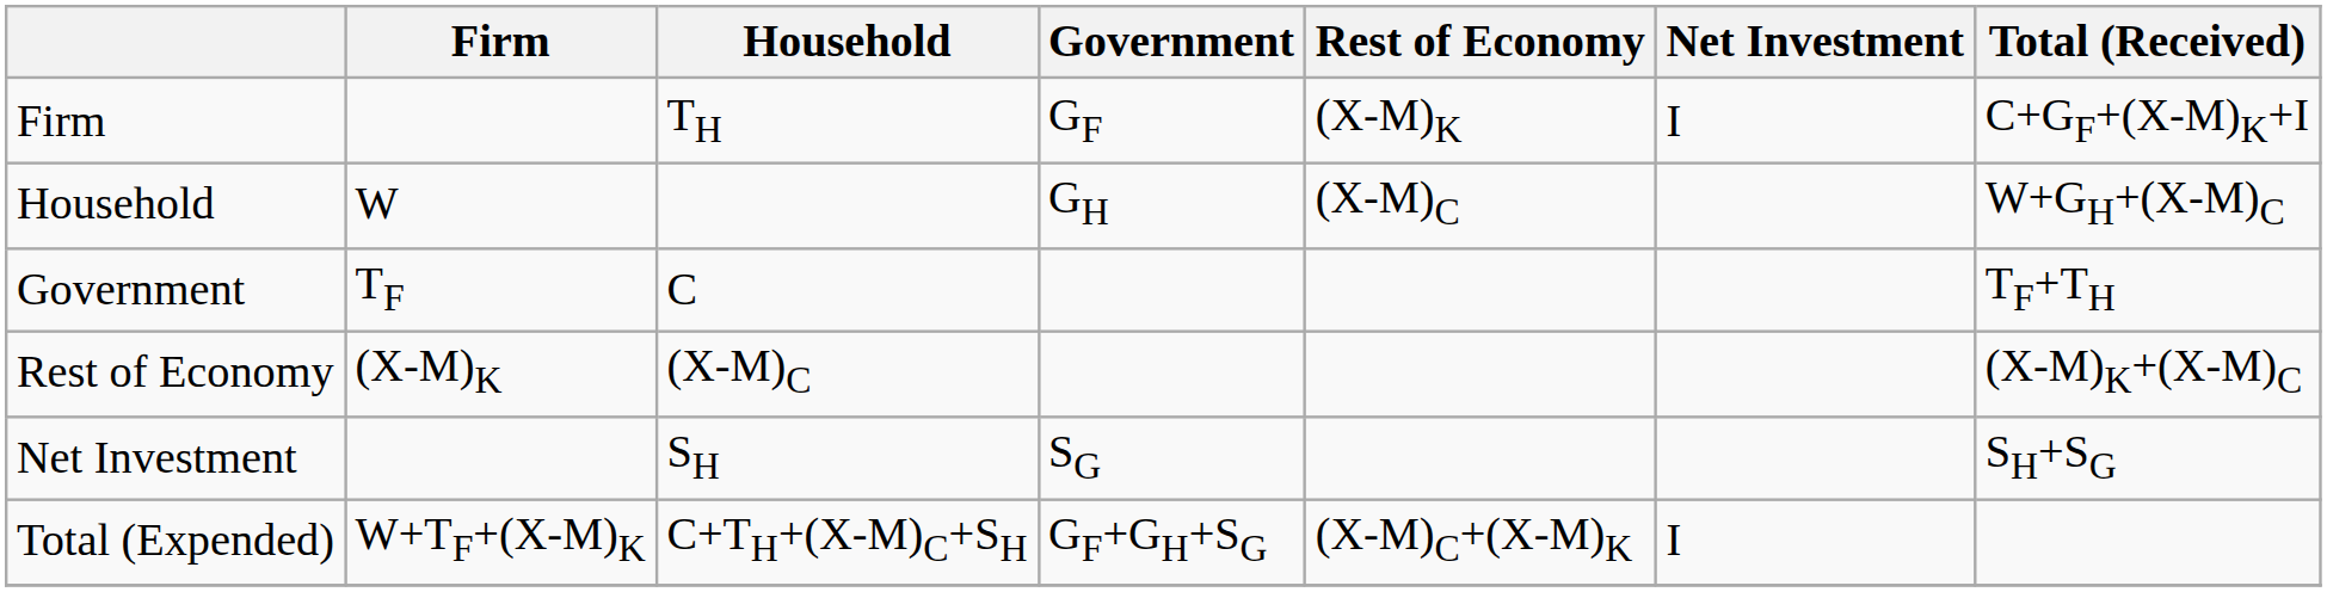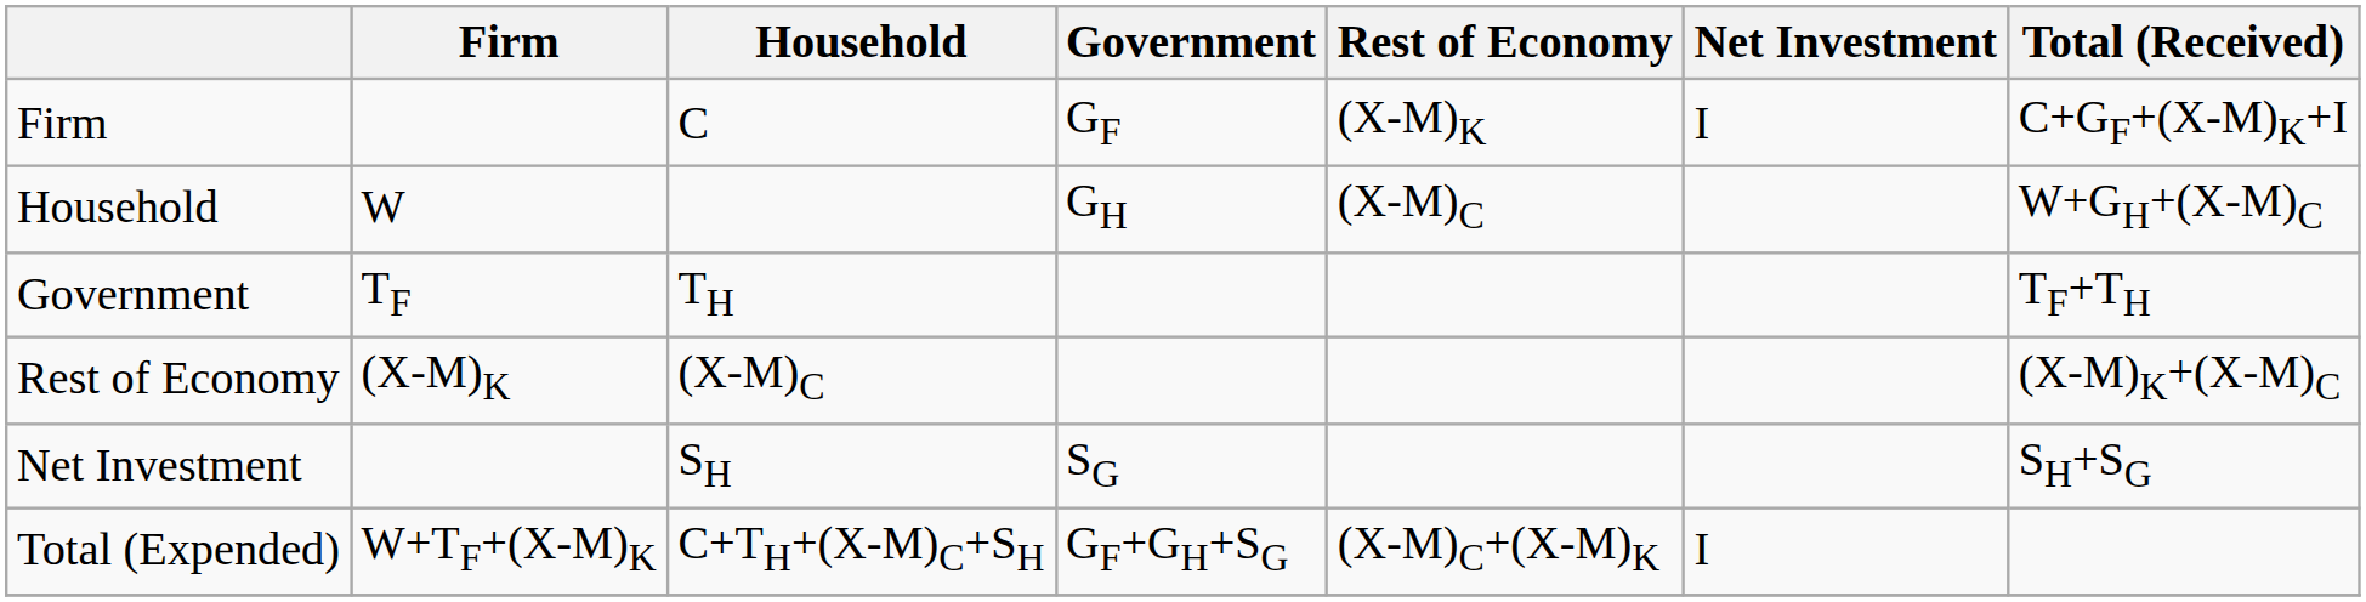 <table class="wikitable">
 <tr>
 <th></th>
 <th>Firm</th>
 <th>Household</th>
 <th>Government</th>
 <th>Rest of Economy</th>
 <th>Net Investment</th>
 <th>Total (Received)</th>
 </tr>
 <tr>
 <td>Firm</td>
 <td></td>
-<td>T<sub>H</sub></td>
+<td>C</td>
 <td>G<sub>F</sub></td>
 <td>(X-M)<sub>K</sub></td>
 <td>I</td>
 <td>C+G<sub>F</sub>+(X-M)<sub>K</sub>+I</td>
 </tr>
 <tr>
 <td>Household</td>
 <td>W</td>
 <td></td>
 <td>G<sub>H</sub></td>
 <td>(X-M)<sub>C</sub></td>
 <td></td>
 <td>W+G<sub>H</sub>+(X-M)<sub>C</sub></td>
 </tr>
 <tr>
 <td>Government</td>
 <td>T<sub>F</sub></td>
-<td>C</td>
+<td>T<sub>H</sub></td>
 <td></td>
 <td></td>
 <td></td>
 <td>T<sub>F</sub>+T<sub>H</sub></td>
 </tr>
 <tr>
 <td>Rest of Economy</td>
 <td>(X-M)<sub>K</sub></td>
 <td>(X-M)<sub>C</sub></td>
 <td></td>
 <td></td>
 <td></td>
 <td>(X-M)<sub>K</sub>+(X-M)<sub>C</sub></td>
 </tr>
 <tr>
 <td>Net Investment</td>
 <td></td>
 <td>S<sub>H</sub></td>
 <td>S<sub>G</sub></td>
 <td></td>
 <td></td>
 <td>S<sub>H</sub>+S<sub>G</sub></td>
 </tr>
 <tr>
 <td>Total (Expended)</td>
 <td>W+T<sub>F</sub>+(X-M)<sub>K</sub></td>
 <td>C+T<sub>H</sub>+(X-M)<sub>C</sub>+S<sub>H</sub></td>
 <td>G<sub>F</sub>+G<sub>H</sub>+S<sub>G</sub></td>
 <td>(X-M)<sub>C</sub>+(X-M)<sub>K</sub></td>
 <td>I</td>
 <td></td>
 </tr>
 <tr>
 </tr>
 </table>
